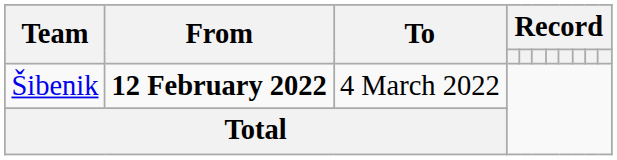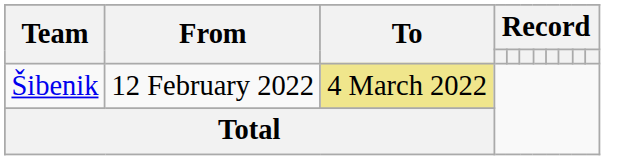 <table class="wikitable" tyle="text-align: center">
 <tr>
 <th rowspan="2">Team</th>
 <th rowspan="2">From</th>
 <th rowspan="2">To</th>
 <th colspan="8">Record</th>
 </tr>
 <tr>
 <th></th>
 <th></th>
 <th></th>
 <th></th>
 <th></th>
 <th></th>
 <th></th>
 <th></th>
 </tr>
 <tr>
 <td align="left"><a href='#'>Šibenik</a></td>
-<td align="left"><strong>12 February 2022</strong></td>
-<td align="left">4 March 2022<br></td>
+<td align="left">12 February 2022</td>
+<td align="left" style="background: khaki;">4 March 2022<br></td>
 </tr>
 <tr>
 <th colspan="3">Total<br></th>
 </tr>
 </table>
